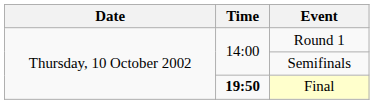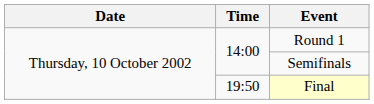 <table class = "wikitable" style="text-align:center;">
 <tr>
 <th width=220>Date</th>
 <th width=50>Time</th>
 <th width=100>Event</th>
 </tr>
 <tr>
 <td rowspan=3>Thursday, 10 October 2002</td>
 <td rowspan=2>14:00</td>
 <td>Round 1</td>
 </tr>
 <tr>
 <td>Semifinals</td>
 </tr>
 <tr>
-<td><strong>19:50</strong></td>
+<td>19:50</td>
 <td bgcolor=ffffcc>Final</td>
 </tr>
 </table>
